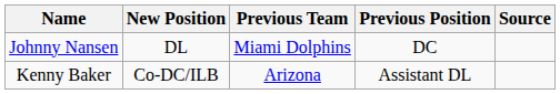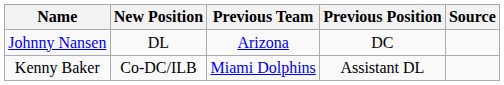 <table class="wikitable">
 <tr>
 <th style="text-align:center; ">Name</th>
 <th style="text-align:center; ">New Position</th>
 <th style="text-align:center; ">Previous Team</th>
 <th style="text-align:center; ">Previous Position</th>
 <th style="text-align:center; ">Source</th>
 </tr>
 <tr align="center">
 <td><a href='#'>Johnny Nansen</a></td>
 <td>DL</td>
-<td><a href='#'>Miami Dolphins</a></td>
+<td><a href='#'>Arizona</a></td>
 <td>DC</td>
 <td></td>
 </tr>
 <tr align="center">
 <td>Kenny Baker</td>
 <td>Co-DC/ILB</td>
-<td><a href='#'>Arizona</a></td>
+<td><a href='#'>Miami Dolphins</a></td>
 <td>Assistant DL</td>
 <td></td>
 </tr>
 </table>
